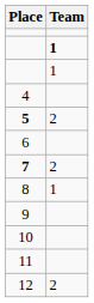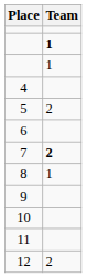 <table class="wikitable">
 <tr>
 <th>Place</th>
 <th>Team</th>
 </tr>
 <tr>
 <td align=center></td>
 <td></td>
 </tr>
 <tr>
 <td align=center></td>
 <td><strong> 1</strong></td>
 </tr>
 <tr>
 <td align=center></td>
 <td> 1</td>
 </tr>
 <tr>
 <td align=center>4</td>
 <td></td>
 </tr>
 <tr>
-<td align=center><strong>5</strong></td>
+<td align=center>5</td>
 <td> 2</td>
 </tr>
 <tr>
 <td align=center>6</td>
 <td></td>
 </tr>
 <tr>
-<td align=center><strong>7</strong></td>
-<td> 2</td>
+<td align=center>7</td>
+<td><strong> 2</strong></td>
 </tr>
 <tr>
 <td align=center>8</td>
 <td> 1</td>
 </tr>
 <tr>
 <td align=center>9</td>
 <td></td>
 </tr>
 <tr>
 <td align=center>10</td>
 <td></td>
 </tr>
 <tr>
 <td align=center>11</td>
 <td></td>
 </tr>
 <tr>
 <td align=center>12</td>
 <td> 2</td>
 </tr>
 </table>
